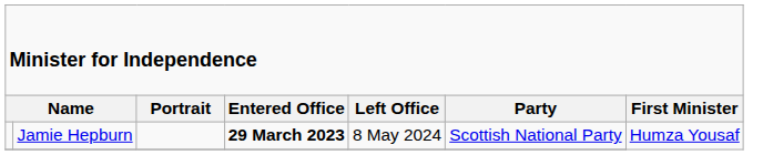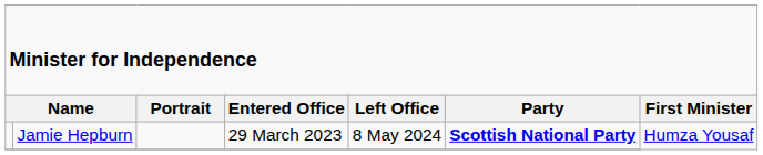 <table class="wikitable" style="margin: 0 0 0 1em; background: #f9f9f9; border: 1px #aaaaaa solid; border-collapse: collapse; ">
 <tr>
 <td colspan="7"><br><h3>Minister for Independence</h3></td>
 </tr>
 <tr>
 <th colspan="2">Name</th>
 <th width=75>Portrait</th>
 <th>Entered Office</th>
 <th>Left Office</th>
 <th>Party</th>
 <th>First Minister</th>
 </tr>
 <tr>
 <td></td>
 <td><a href='#'>Jamie Hepburn</a></td>
 <td></td>
-<td><strong>29 March 2023</strong></td>
+<td>29 March 2023</td>
 <td>8 May 2024</td>
-<td><a href='#'>Scottish National Party</a></td>
+<td><strong><a href='#'>Scottish National Party</a></strong></td>
 <td rowspan="2"><a href='#'>Humza Yousaf</a></td>
 </tr>
 <tr>
 </tr>
 </table>
